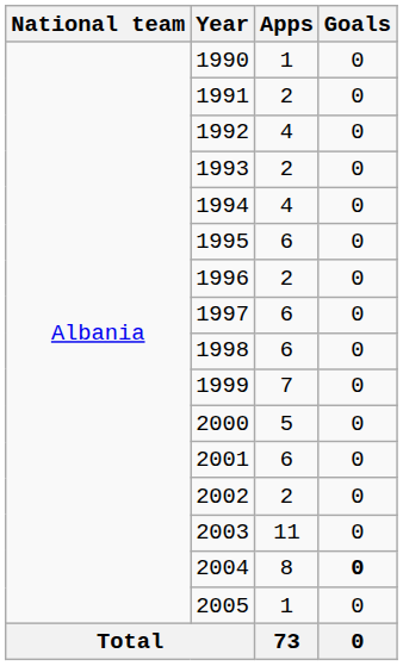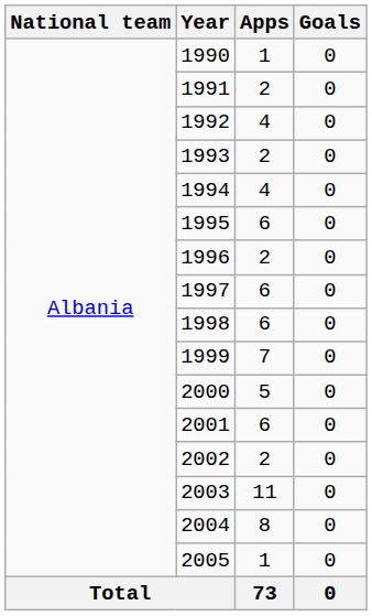 <table class="wikitable" style="text-align:center">
 <tr>
 <th>National team</th>
 <th>Year</th>
 <th>Apps</th>
 <th>Goals</th>
 </tr>
 <tr>
 <td rowspan="16"><a href='#'>Albania</a></td>
 <td>1990</td>
 <td>1</td>
 <td>0</td>
 </tr>
 <tr>
 <td>1991</td>
 <td>2</td>
 <td>0</td>
 </tr>
 <tr>
 <td>1992</td>
 <td>4</td>
 <td>0</td>
 </tr>
 <tr>
 <td>1993</td>
 <td>2</td>
 <td>0</td>
 </tr>
 <tr>
 <td>1994</td>
 <td>4</td>
 <td>0</td>
 </tr>
 <tr>
 <td>1995</td>
 <td>6</td>
 <td>0</td>
 </tr>
 <tr>
 <td>1996</td>
 <td>2</td>
 <td>0</td>
 </tr>
 <tr>
 <td>1997</td>
 <td>6</td>
 <td>0</td>
 </tr>
 <tr>
 <td>1998</td>
 <td>6</td>
 <td>0</td>
 </tr>
 <tr>
 <td>1999</td>
 <td>7</td>
 <td>0</td>
 </tr>
 <tr>
 <td>2000</td>
 <td>5</td>
 <td>0</td>
 </tr>
 <tr>
 <td>2001</td>
 <td>6</td>
 <td>0</td>
 </tr>
 <tr>
 <td>2002</td>
 <td>2</td>
 <td>0</td>
 </tr>
 <tr>
 <td>2003</td>
 <td>11</td>
 <td>0</td>
 </tr>
 <tr>
 <td>2004</td>
 <td>8</td>
-<td><strong>0</strong></td>
+<td>0</td>
 </tr>
 <tr>
 <td>2005</td>
 <td>1</td>
 <td>0</td>
 </tr>
 <tr>
 <th colspan="2">Total</th>
 <th>73</th>
 <th>0</th>
 </tr>
 </table>
